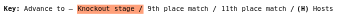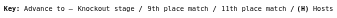 <table style="font-size: 85%;">
 <tr>
 <td height=5></td>
 </tr>
 <tr>
 <td><strong>Key:</strong> Advance to –</td>
 <td></td>
-<td style="background: lightsalmon;">Knockout stage <strong>/</strong></td>
+<td>Knockout stage <strong>/</strong></td>
 <td></td>
 <td>9th place match <strong>/</strong></td>
 <td></td>
 <td>11th place match <strong>/</strong></td>
 <td><strong>(H)</strong> Hosts</td>
 </tr>
 </table>
